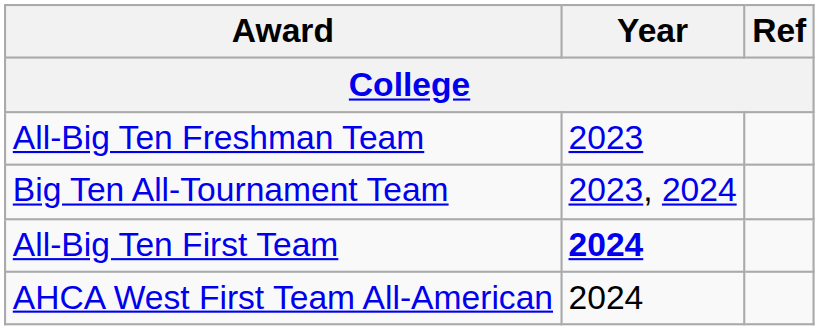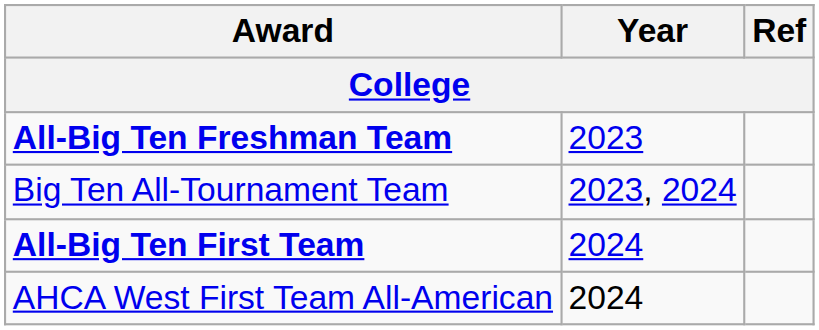 <table class="wikitable">
 <tr>
 <th>Award</th>
 <th>Year</th>
 <th>Ref</th>
 </tr>
 <tr>
 <th colspan="3"><a href='#'>College</a></th>
 </tr>
 <tr>
-<td><a href='#'>All-Big Ten Freshman Team</a></td>
+<td><strong><a href='#'>All-Big Ten Freshman Team</a></strong></td>
 <td><a href='#'>2023</a></td>
 <td></td>
 </tr>
 <tr>
 <td><a href='#'>Big Ten All-Tournament Team</a></td>
 <td><a href='#'>2023</a>, <a href='#'>2024</a></td>
 <td></td>
 </tr>
 <tr>
-<td><a href='#'>All-Big Ten First Team</a></td>
-<td><strong><a href='#'>2024</a></strong></td>
+<td><strong><a href='#'>All-Big Ten First Team</a></strong></td>
+<td><a href='#'>2024</a></td>
 <td></td>
 </tr>
 <tr>
 <td><a href='#'>AHCA West First Team All-American</a></td>
 <td>2024</td>
 <td></td>
 </tr>
 </table>
